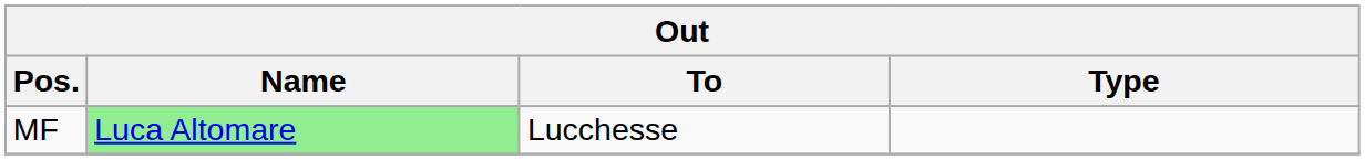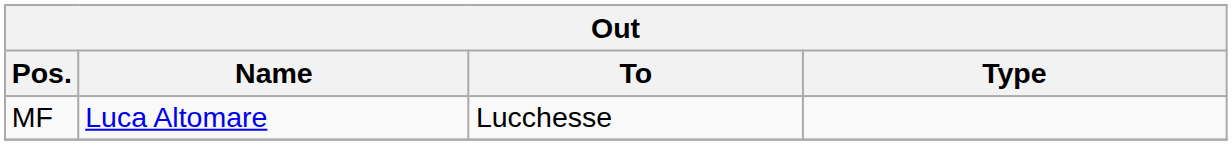 <table class="wikitable" style="font-size:90%;width:99%;">
 <tr>
 <th colspan="4">Out</th>
 </tr>
 <tr>
 <th width=3%>Pos.</th>
 <th width=33%>Name</th>
 <th width=28%>To</th>
 <th width=36%>Type</th>
 </tr>
 <tr>
 <td>MF</td>
-<td style="background: lightgreen;"><a href='#'>Luca Altomare</a></td>
+<td><a href='#'>Luca Altomare</a></td>
 <td>Lucchesse</td>
 <td></td>
 </tr>
 <tr>
 </tr>
 </table>
